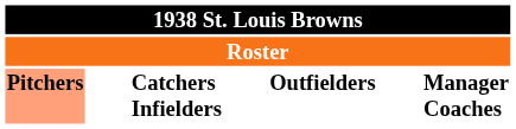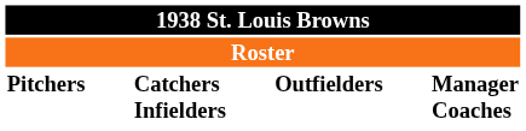 <table class="toccolours" style="font-size: 95%;">
 <tr>
 <th colspan="10" style="background-color: black; color: white; text-align: center;">1938 St. Louis Browns</th>
 </tr>
 <tr>
 <td colspan="10" style="background-color: #F87217; color: white; text-align: center;"><strong>Roster</strong></td>
 </tr>
 <tr>
-<td valign="top" style="background: lightsalmon;"><strong>Pitchers</strong><br>                 </td>
+<td valign="top"><strong>Pitchers</strong><br>                 </td>
 <td width="25px"></td>
 <td valign="top"><strong>Catchers</strong><br>   <strong>Infielders</strong>       </td>
 <td width="25px"></td>
 <td valign="top"><strong>Outfielders</strong><br>       </td>
 <td width="25px"></td>
 <td valign="top"><strong>Manager</strong><br>  <strong>Coaches</strong>  </td>
 </tr>
 <tr>
 </tr>
 </table>
